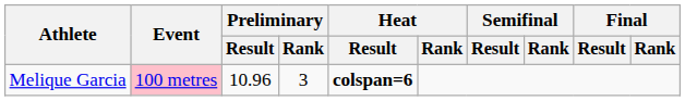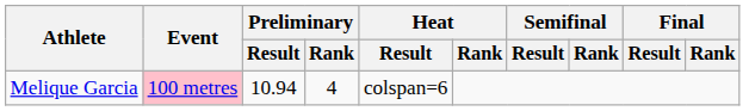 <table class="wikitable" style="font-size:90%">
 <tr>
 <th rowspan="2">Athlete</th>
 <th rowspan="2">Event</th>
 <th colspan="2">Preliminary</th>
 <th colspan="2">Heat</th>
 <th colspan="2">Semifinal</th>
 <th colspan="2">Final</th>
 </tr>
 <tr style="font-size:95%">
 <th>Result</th>
 <th>Rank</th>
 <th>Result</th>
 <th>Rank</th>
 <th>Result</th>
 <th>Rank</th>
 <th>Result</th>
 <th>Rank</th>
 </tr>
 <tr align=center>
 <td align=left><a href='#'>Melique Garcia</a></td>
 <td align=left style="background: pink;"><a href='#'>100 metres</a></td>
-<td>10.96</td>
-<td>3</td>
-<td><strong>colspan=6 </strong></td>
+<td>10.94</td>
+<td>4</td>
+<td>colspan=6 </td>
 </tr>
 </table>
